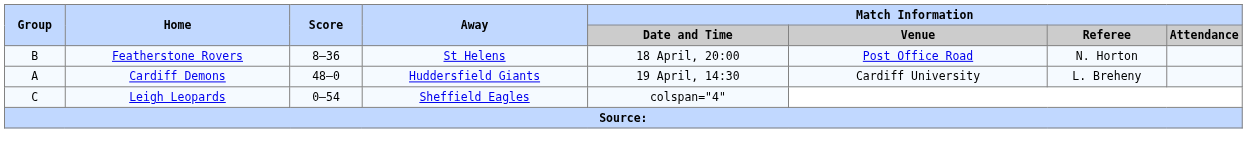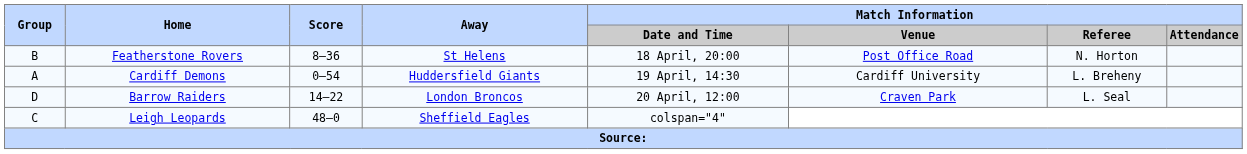 <table border=1 style="border-collapse:collapse; font-size:90%; text-align:center;" cellpadding=3 cellspacing=0 width=100%>
 <tr bgcolor=#C1D8FF>
 <th scope="col" rowspan=2 width=5%>Group</th>
 <th scope="col" rowspan=2 width=19%>Home</th>
 <th scope="col" rowspan=2 width=6%>Score</th>
 <th scope="col" rowspan=2 width=19%>Away</th>
 <th colspan=4>Match Information</th>
 </tr>
 <tr bgcolor=#CCCCCC>
 <th scope="col" width=17%>Date and Time</th>
 <th scope="col" width=22%>Venue</th>
 <th scope="col" width=10%>Referee</th>
 <th scope="col" width=7%>Attendance</th>
 </tr>
 <tr bgcolor=#F5FAFF>
 <td>B</td>
 <td><a href='#'>Featherstone Rovers</a></td>
 <td>8–36</td>
 <td><a href='#'>St Helens</a></td>
 <td>18 April, 20:00</td>
 <td><a href='#'>Post Office Road</a></td>
 <td>N. Horton</td>
 <td></td>
 </tr>
 <tr bgcolor=#F5FAFF>
 <td>A</td>
 <td><a href='#'>Cardiff Demons</a></td>
-<td>48–0</td>
+<td>0–54</td>
 <td><a href='#'>Huddersfield Giants</a></td>
 <td>19 April, 14:30</td>
 <td>Cardiff University</td>
 <td>L. Breheny</td>
 <td></td>
 </tr>
 <tr bgcolor=#F5FAFF>
+<td>D</td>
+<td><a href='#'>Barrow Raiders</a></td>
+<td>14–22</td>
+<td><a href='#'>London Broncos</a></td>
+<td>20 April, 12:00</td>
+<td><a href='#'>Craven Park</a></td>
+<td>L. Seal</td>
+<td></td>
+</tr>
+<tr bgcolor=#F5FAFF>
 <td>C</td>
 <td><a href='#'>Leigh Leopards</a></td>
-<td>0–54</td>
+<td>48–0</td>
 <td><a href='#'>Sheffield Eagles</a></td>
 <td>colspan="4" </td>
 </tr>
 <tr style="background:#c1d8ff;">
 <th colspan=8>Source:</th>
 </tr>
 </table>
